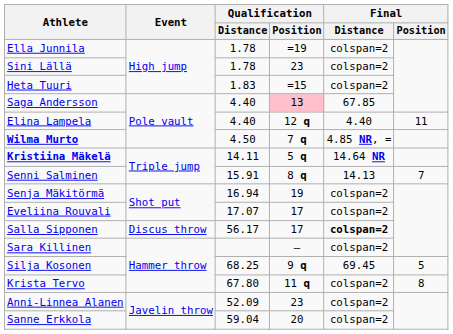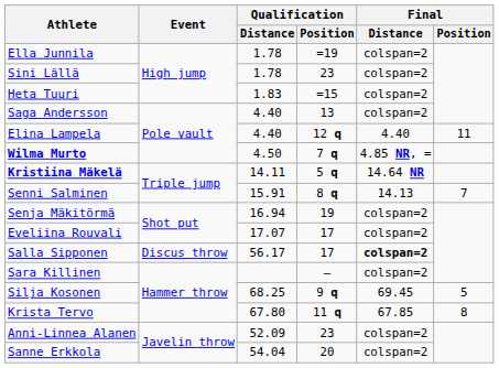 <table class="wikitable" style="font-size:90%">
 <tr>
 <th rowspan="2">Athlete</th>
 <th rowspan="2">Event</th>
 <th colspan="2">Qualification</th>
 <th colspan="2">Final</th>
 </tr>
 <tr style="font-size:95%">
 <th>Distance</th>
 <th>Position</th>
 <th>Distance</th>
 <th>Position</th>
 </tr>
 <tr align="center">
 <td align="left"><a href='#'>Ella Junnila</a></td>
 <td rowspan="3" align="left"><a href='#'>High jump</a></td>
 <td>1.78</td>
 <td>=19</td>
 <td>colspan=2 </td>
 </tr>
 <tr align="center">
 <td align="left"><a href='#'>Sini Lällä</a></td>
 <td>1.78</td>
 <td>23</td>
 <td>colspan=2 </td>
 </tr>
 <tr align="center">
 <td align="left"><a href='#'>Heta Tuuri</a></td>
 <td>1.83</td>
 <td>=15</td>
 <td>colspan=2 </td>
 </tr>
 <tr align="center">
 <td align="left"><a href='#'>Saga Andersson</a></td>
 <td rowspan="3" align="left"><a href='#'>Pole vault</a></td>
 <td>4.40</td>
-<td style="background: pink;">13</td>
-<td>67.85</td>
+<td>13</td>
+<td>colspan=2 </td>
 </tr>
 <tr align="center">
 <td align="left"><a href='#'>Elina Lampela</a></td>
 <td>4.40</td>
 <td>12 <strong>q</strong></td>
 <td>4.40</td>
 <td>11</td>
 </tr>
 <tr align="center">
 <td align="left"><strong><a href='#'>Wilma Murto</a></strong></td>
 <td>4.50</td>
 <td>7 <strong>q</strong></td>
 <td>4.85 <strong><a href='#'>NR</a></strong>, =</td>
 <td></td>
 </tr>
 <tr align="center">
 <td align="left"><strong><a href='#'>Kristiina Mäkelä</a></strong></td>
 <td rowspan="2" align="left"><a href='#'>Triple jump</a></td>
 <td>14.11</td>
 <td>5 <strong>q</strong></td>
 <td>14.64 <strong><a href='#'>NR</a></strong></td>
 <td></td>
 </tr>
 <tr align="center">
 <td align="left"><a href='#'>Senni Salminen</a></td>
 <td>15.91</td>
 <td>8 <strong>q</strong></td>
 <td>14.13</td>
 <td>7</td>
 </tr>
 <tr align="center">
 <td align="left"><a href='#'>Senja Mäkitörmä</a></td>
 <td rowspan="2" align="left"><a href='#'>Shot put</a></td>
 <td>16.94</td>
 <td>19</td>
 <td>colspan=2 </td>
 </tr>
 <tr align="center">
 <td align="left"><a href='#'>Eveliina Rouvali</a></td>
 <td>17.07</td>
 <td>17</td>
 <td>colspan=2 </td>
 </tr>
 <tr align="center">
 <td align="left"><a href='#'>Salla Sipponen</a></td>
 <td align="left"><a href='#'>Discus throw</a></td>
 <td>56.17</td>
 <td>17</td>
 <td><strong>colspan=2 </strong></td>
 </tr>
 <tr align="center">
 <td align="left"><a href='#'>Sara Killinen</a></td>
 <td rowspan="3" align="left"><a href='#'>Hammer throw</a></td>
 <td></td>
 <td>–</td>
 <td>colspan=2 </td>
 </tr>
 <tr align="center">
 <td align="left"><a href='#'>Silja Kosonen</a></td>
 <td>68.25</td>
 <td>9 <strong>q</strong></td>
 <td>69.45</td>
 <td>5</td>
 </tr>
 <tr align="center">
 <td align="left"><a href='#'>Krista Tervo</a></td>
 <td>67.80</td>
 <td>11 <strong>q</strong></td>
-<td>colspan=2 </td>
+<td>67.85</td>
 <td>8</td>
 </tr>
 <tr align="center">
 <td align="left"><a href='#'>Anni-Linnea Alanen</a></td>
 <td rowspan="2" align="left"><a href='#'>Javelin throw</a></td>
 <td>52.09</td>
 <td>23</td>
 <td>colspan=2 </td>
 </tr>
 <tr align="center">
 <td align="left"><a href='#'>Sanne Erkkola</a></td>
-<td>59.04</td>
+<td>54.04</td>
 <td>20</td>
 <td>colspan=2 </td>
 </tr>
 </table>
